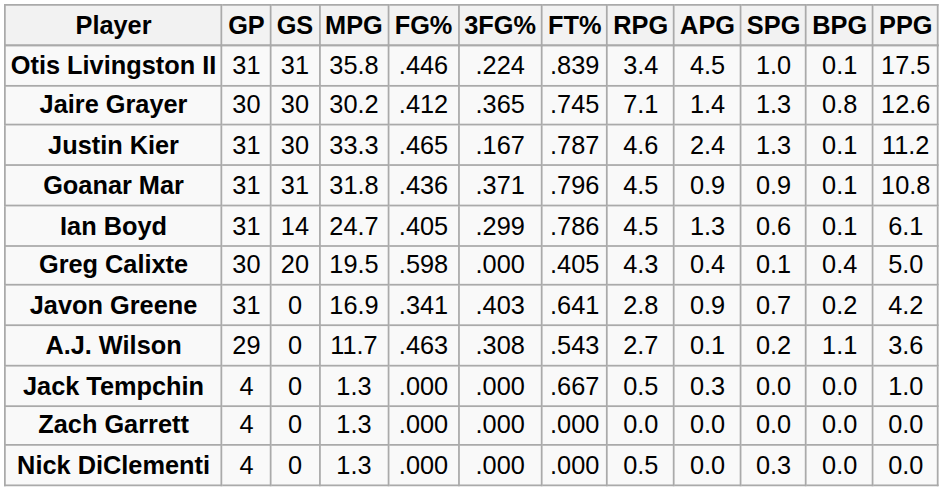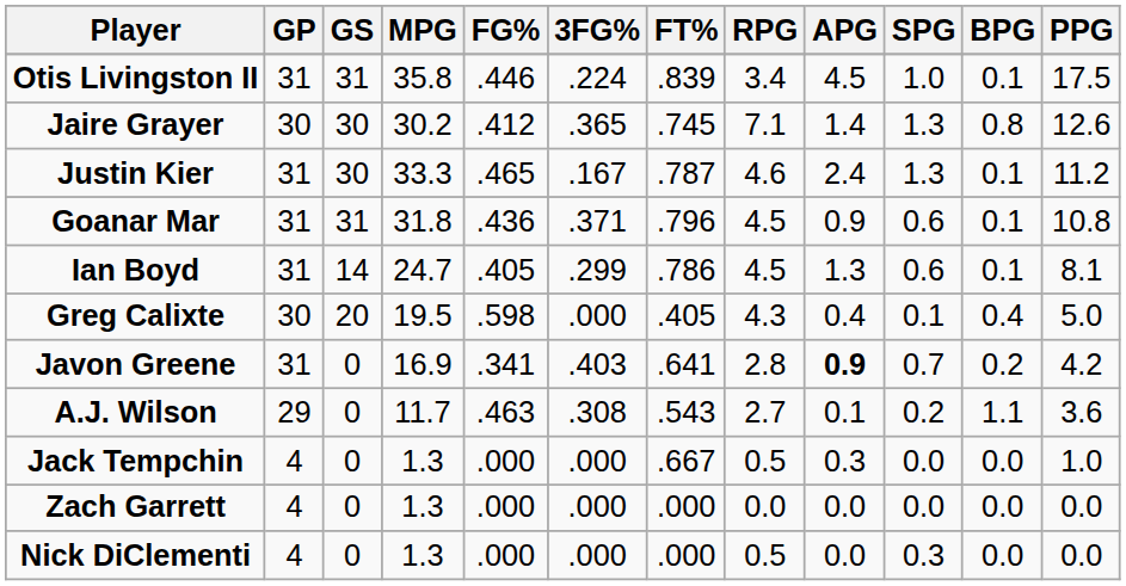 <table class="wikitable sortable" style="font-size: 90%">
 <tr>
 <th>Player</th>
 <th>GP</th>
 <th>GS</th>
 <th>MPG</th>
 <th>FG%</th>
 <th>3FG%</th>
 <th>FT%</th>
 <th>RPG</th>
 <th>APG</th>
 <th>SPG</th>
 <th>BPG</th>
 <th>PPG</th>
 </tr>
 <tr align="center" bgcolor="">
 </tr>
 <tr align="center" bgcolor="">
 <td><strong>Otis Livingston II</strong></td>
 <td>31</td>
 <td>31</td>
 <td>35.8</td>
 <td>.446</td>
 <td>.224</td>
 <td>.839</td>
 <td>3.4</td>
 <td>4.5</td>
 <td>1.0</td>
 <td>0.1</td>
 <td>17.5</td>
 </tr>
 <tr align="center" bgcolor="">
 <td><strong>Jaire Grayer</strong></td>
 <td>30</td>
 <td>30</td>
 <td>30.2</td>
 <td>.412</td>
 <td>.365</td>
 <td>.745</td>
 <td>7.1</td>
 <td>1.4</td>
 <td>1.3</td>
 <td>0.8</td>
 <td>12.6</td>
 </tr>
 <tr align="center" bgcolor="">
 <td><strong>Justin Kier</strong></td>
 <td>31</td>
 <td>30</td>
 <td>33.3</td>
 <td>.465</td>
 <td>.167</td>
 <td>.787</td>
 <td>4.6</td>
 <td>2.4</td>
 <td>1.3</td>
 <td>0.1</td>
 <td>11.2</td>
 </tr>
 <tr align="center" bgcolor="">
 <td><strong>Goanar Mar</strong></td>
 <td>31</td>
 <td>31</td>
 <td>31.8</td>
 <td>.436</td>
 <td>.371</td>
 <td>.796</td>
 <td>4.5</td>
 <td>0.9</td>
-<td>0.9</td>
+<td>0.6</td>
 <td>0.1</td>
 <td>10.8</td>
 </tr>
 <tr align="center" bgcolor="">
 <td><strong>Ian Boyd</strong></td>
 <td>31</td>
 <td>14</td>
 <td>24.7</td>
 <td>.405</td>
 <td>.299</td>
 <td>.786</td>
 <td>4.5</td>
 <td>1.3</td>
 <td>0.6</td>
 <td>0.1</td>
-<td>6.1</td>
+<td>8.1</td>
 </tr>
 <tr align="center" bgcolor="">
 <td><strong>Greg Calixte</strong></td>
 <td>30</td>
 <td>20</td>
 <td>19.5</td>
 <td>.598</td>
 <td>.000</td>
 <td>.405</td>
 <td>4.3</td>
 <td>0.4</td>
 <td>0.1</td>
 <td>0.4</td>
 <td>5.0</td>
 </tr>
 <tr align="center" bgcolor="">
 <td><strong>Javon Greene</strong></td>
 <td>31</td>
 <td>0</td>
 <td>16.9</td>
 <td>.341</td>
 <td>.403</td>
 <td>.641</td>
 <td>2.8</td>
-<td>0.9</td>
+<td><strong>0.9</strong></td>
 <td>0.7</td>
 <td>0.2</td>
 <td>4.2</td>
 </tr>
 <tr align="center" bgcolor="">
 <td><strong>A.J. Wilson</strong></td>
 <td>29</td>
 <td>0</td>
 <td>11.7</td>
 <td>.463</td>
 <td>.308</td>
 <td>.543</td>
 <td>2.7</td>
 <td>0.1</td>
 <td>0.2</td>
 <td>1.1</td>
 <td>3.6</td>
 </tr>
 <tr align="center" bgcolor="">
 <td><strong>Jack Tempchin</strong></td>
 <td>4</td>
 <td>0</td>
 <td>1.3</td>
 <td>.000</td>
 <td>.000</td>
 <td>.667</td>
 <td>0.5</td>
 <td>0.3</td>
 <td>0.0</td>
 <td>0.0</td>
 <td>1.0</td>
 </tr>
 <tr align="center" bgcolor="">
 <td><strong>Zach Garrett</strong></td>
 <td>4</td>
 <td>0</td>
 <td>1.3</td>
 <td>.000</td>
 <td>.000</td>
 <td>.000</td>
 <td>0.0</td>
 <td>0.0</td>
 <td>0.0</td>
 <td>0.0</td>
 <td>0.0</td>
 </tr>
 <tr align="center" bgcolor="">
 <td><strong>Nick DiClementi</strong></td>
 <td>4</td>
 <td>0</td>
 <td>1.3</td>
 <td>.000</td>
 <td>.000</td>
 <td>.000</td>
 <td>0.5</td>
 <td>0.0</td>
 <td>0.3</td>
 <td>0.0</td>
 <td>0.0</td>
 </tr>
 </table>
